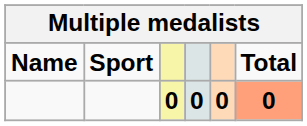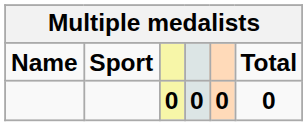 <table class=wikitable style="font-size:85%; float:right; text-align:center">
 <tr bgcolor=EFEFEF>
 <th colspan=7>Multiple medalists</th>
 </tr>
 <tr>
 <td><strong>Name</strong></td>
 <td><strong>Sport</strong></td>
 <td bgcolor=F7F6A8></td>
 <td bgcolor=DCE5E5></td>
 <td bgcolor=FFDAB9></td>
 <td><strong>Total</strong></td>
 </tr>
 <tr>
 <td></td>
 <td></td>
 <td bgcolor=F7F6A8><strong>0</strong></td>
 <td bgcolor=DCE5E5><strong>0</strong></td>
 <td bgcolor=FFDAB9><strong>0</strong></td>
-<td style="background: lightsalmon;"><strong>0</strong></td>
+<td><strong>0</strong></td>
 </tr>
 </table>
